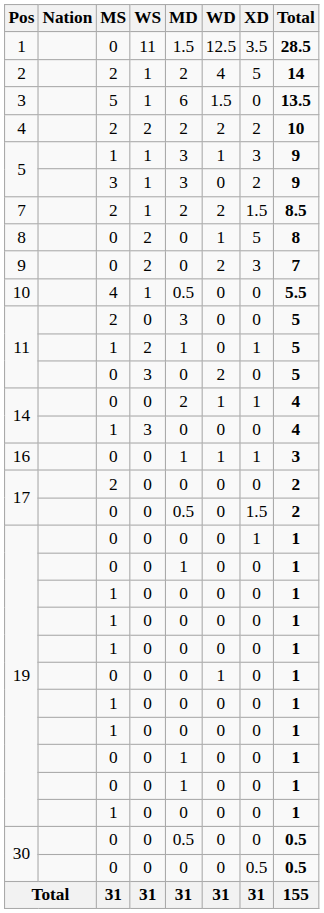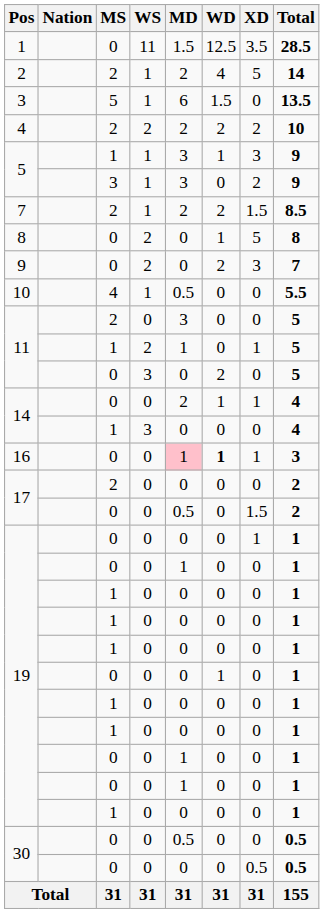 <table class="wikitable" style="text-align:center">
 <tr>
 <th>Pos</th>
 <th>Nation</th>
 <th>MS</th>
 <th>WS</th>
 <th>MD</th>
 <th>WD</th>
 <th>XD</th>
 <th>Total</th>
 </tr>
 <tr>
 <td>1</td>
 <td align="left"><strong></strong></td>
 <td>0</td>
 <td>11</td>
 <td>1.5</td>
 <td>12.5</td>
 <td>3.5</td>
 <td><strong>28.5</strong></td>
 </tr>
 <tr>
 <td>2</td>
 <td align="left"></td>
 <td>2</td>
 <td>1</td>
 <td>2</td>
 <td>4</td>
 <td>5</td>
 <td><strong>14</strong></td>
 </tr>
 <tr>
 <td>3</td>
 <td align="left"></td>
 <td>5</td>
 <td>1</td>
 <td>6</td>
 <td>1.5</td>
 <td>0</td>
 <td><strong>13.5</strong></td>
 </tr>
 <tr>
 <td>4</td>
 <td align="left"></td>
 <td>2</td>
 <td>2</td>
 <td>2</td>
 <td>2</td>
 <td>2</td>
 <td><strong>10</strong></td>
 </tr>
 <tr>
 <td rowspan=2>5</td>
 <td align="left"></td>
 <td>1</td>
 <td>1</td>
 <td>3</td>
 <td>1</td>
 <td>3</td>
 <td><strong>9</strong></td>
 </tr>
 <tr>
 <td align="left"></td>
 <td>3</td>
 <td>1</td>
 <td>3</td>
 <td>0</td>
 <td>2</td>
 <td><strong>9</strong></td>
 </tr>
 <tr>
 <td>7</td>
 <td align="left"></td>
 <td>2</td>
 <td>1</td>
 <td>2</td>
 <td>2</td>
 <td>1.5</td>
 <td><strong>8.5</strong></td>
 </tr>
 <tr>
 <td>8</td>
 <td align="left"></td>
 <td>0</td>
 <td>2</td>
 <td>0</td>
 <td>1</td>
 <td>5</td>
 <td><strong>8</strong></td>
 </tr>
 <tr>
 <td>9</td>
 <td align="left"><em></em></td>
 <td>0</td>
 <td>2</td>
 <td>0</td>
 <td>2</td>
 <td>3</td>
 <td><strong>7</strong></td>
 </tr>
 <tr>
 <td>10</td>
 <td align="left"></td>
 <td>4</td>
 <td>1</td>
 <td>0.5</td>
 <td>0</td>
 <td>0</td>
 <td><strong>5.5</strong></td>
 </tr>
 <tr>
 <td rowspan=3>11</td>
 <td align="left"></td>
 <td>2</td>
 <td>0</td>
 <td>3</td>
 <td>0</td>
 <td>0</td>
 <td><strong>5</strong></td>
 </tr>
 <tr>
 <td align="left"><em></em></td>
 <td>1</td>
 <td>2</td>
 <td>1</td>
 <td>0</td>
 <td>1</td>
 <td><strong>5</strong></td>
 </tr>
 <tr>
 <td align="left"></td>
 <td>0</td>
 <td>3</td>
 <td>0</td>
 <td>2</td>
 <td>0</td>
 <td><strong>5</strong></td>
 </tr>
 <tr>
 <td rowspan=2>14</td>
 <td align="left"></td>
 <td>0</td>
 <td>0</td>
 <td>2</td>
 <td>1</td>
 <td>1</td>
 <td><strong>4</strong></td>
 </tr>
 <tr>
 <td align="left"></td>
 <td>1</td>
 <td>3</td>
 <td>0</td>
 <td>0</td>
 <td>0</td>
 <td><strong>4</strong></td>
 </tr>
 <tr>
 <td>16</td>
 <td align="left"></td>
 <td>0</td>
 <td>0</td>
-<td>1</td>
-<td>1</td>
+<td style="background: pink;">1</td>
+<td><strong>1</strong></td>
 <td>1</td>
 <td><strong>3</strong></td>
 </tr>
 <tr>
 <td rowspan=2>17</td>
 <td align="left"></td>
 <td>2</td>
 <td>0</td>
 <td>0</td>
 <td>0</td>
 <td>0</td>
 <td><strong>2</strong></td>
 </tr>
 <tr>
 <td align="left"></td>
 <td>0</td>
 <td>0</td>
 <td>0.5</td>
 <td>0</td>
 <td>1.5</td>
 <td><strong>2</strong></td>
 </tr>
 <tr>
 <td rowspan=11>19</td>
 <td align="left"></td>
 <td>0</td>
 <td>0</td>
 <td>0</td>
 <td>0</td>
 <td>1</td>
 <td><strong>1</strong></td>
 </tr>
 <tr>
 <td align="left"></td>
 <td>0</td>
 <td>0</td>
 <td>1</td>
 <td>0</td>
 <td>0</td>
 <td><strong>1</strong></td>
 </tr>
 <tr>
 <td align="left"><em></em></td>
 <td>1</td>
 <td>0</td>
 <td>0</td>
 <td>0</td>
 <td>0</td>
 <td><strong>1</strong></td>
 </tr>
 <tr>
 <td align="left"></td>
 <td>1</td>
 <td>0</td>
 <td>0</td>
 <td>0</td>
 <td>0</td>
 <td><strong>1</strong></td>
 </tr>
 <tr>
 <td align="left"></td>
 <td>1</td>
 <td>0</td>
 <td>0</td>
 <td>0</td>
 <td>0</td>
 <td><strong>1</strong></td>
 </tr>
 <tr>
 <td align="left"></td>
 <td>0</td>
 <td>0</td>
 <td>0</td>
 <td>1</td>
 <td>0</td>
 <td><strong>1</strong></td>
 </tr>
 <tr>
 <td align="left"></td>
 <td>1</td>
 <td>0</td>
 <td>0</td>
 <td>0</td>
 <td>0</td>
 <td><strong>1</strong></td>
 </tr>
 <tr>
 <td align="left"></td>
 <td>1</td>
 <td>0</td>
 <td>0</td>
 <td>0</td>
 <td>0</td>
 <td><strong>1</strong></td>
 </tr>
 <tr>
 <td align="left"></td>
 <td>0</td>
 <td>0</td>
 <td>1</td>
 <td>0</td>
 <td>0</td>
 <td><strong>1</strong></td>
 </tr>
 <tr>
 <td align="left"></td>
 <td>0</td>
 <td>0</td>
 <td>1</td>
 <td>0</td>
 <td>0</td>
 <td><strong>1</strong></td>
 </tr>
 <tr>
 <td align="left"></td>
 <td>1</td>
 <td>0</td>
 <td>0</td>
 <td>0</td>
 <td>0</td>
 <td><strong>1</strong></td>
 </tr>
 <tr>
 <td rowspan=2>30</td>
 <td align="left"></td>
 <td>0</td>
 <td>0</td>
 <td>0.5</td>
 <td>0</td>
 <td>0</td>
 <td><strong>0.5</strong></td>
 </tr>
 <tr>
 <td align="left"></td>
 <td>0</td>
 <td>0</td>
 <td>0</td>
 <td>0</td>
 <td>0.5</td>
 <td><strong>0.5</strong></td>
 </tr>
 <tr>
 <th colspan="2">Total</th>
 <th>31</th>
 <th>31</th>
 <th>31</th>
 <th>31</th>
 <th>31</th>
 <th>155</th>
 </tr>
 </table>
